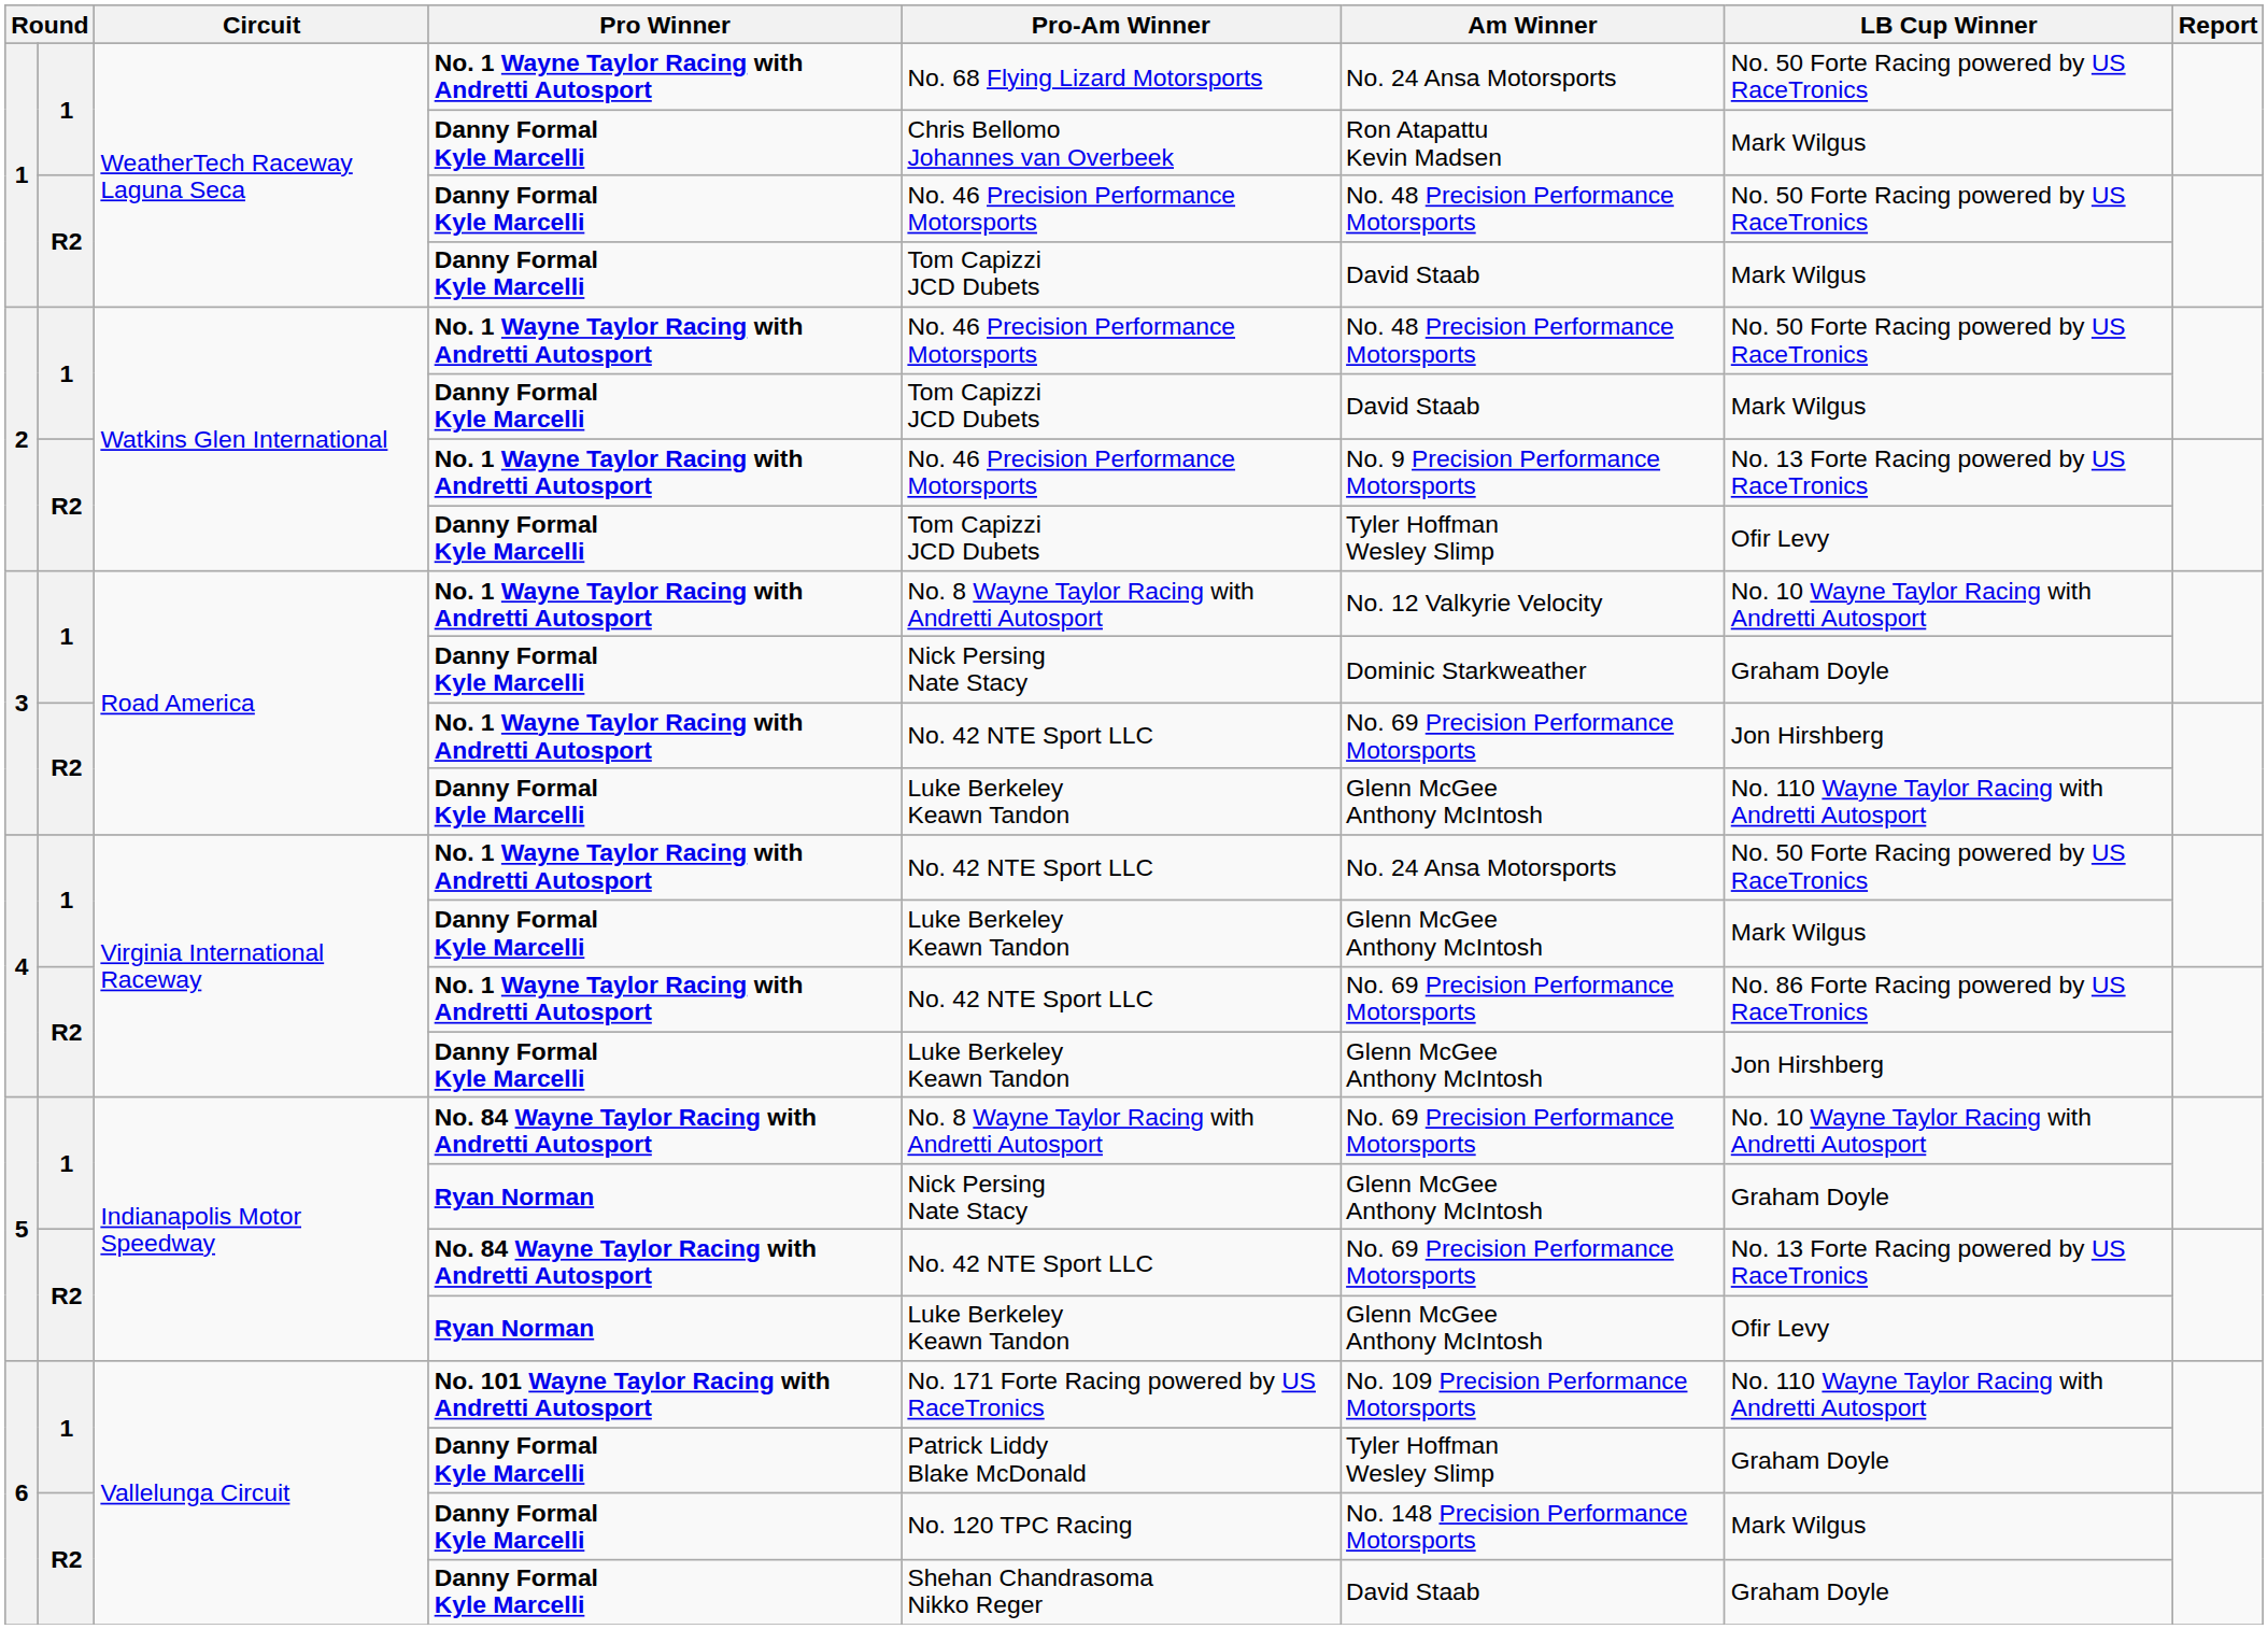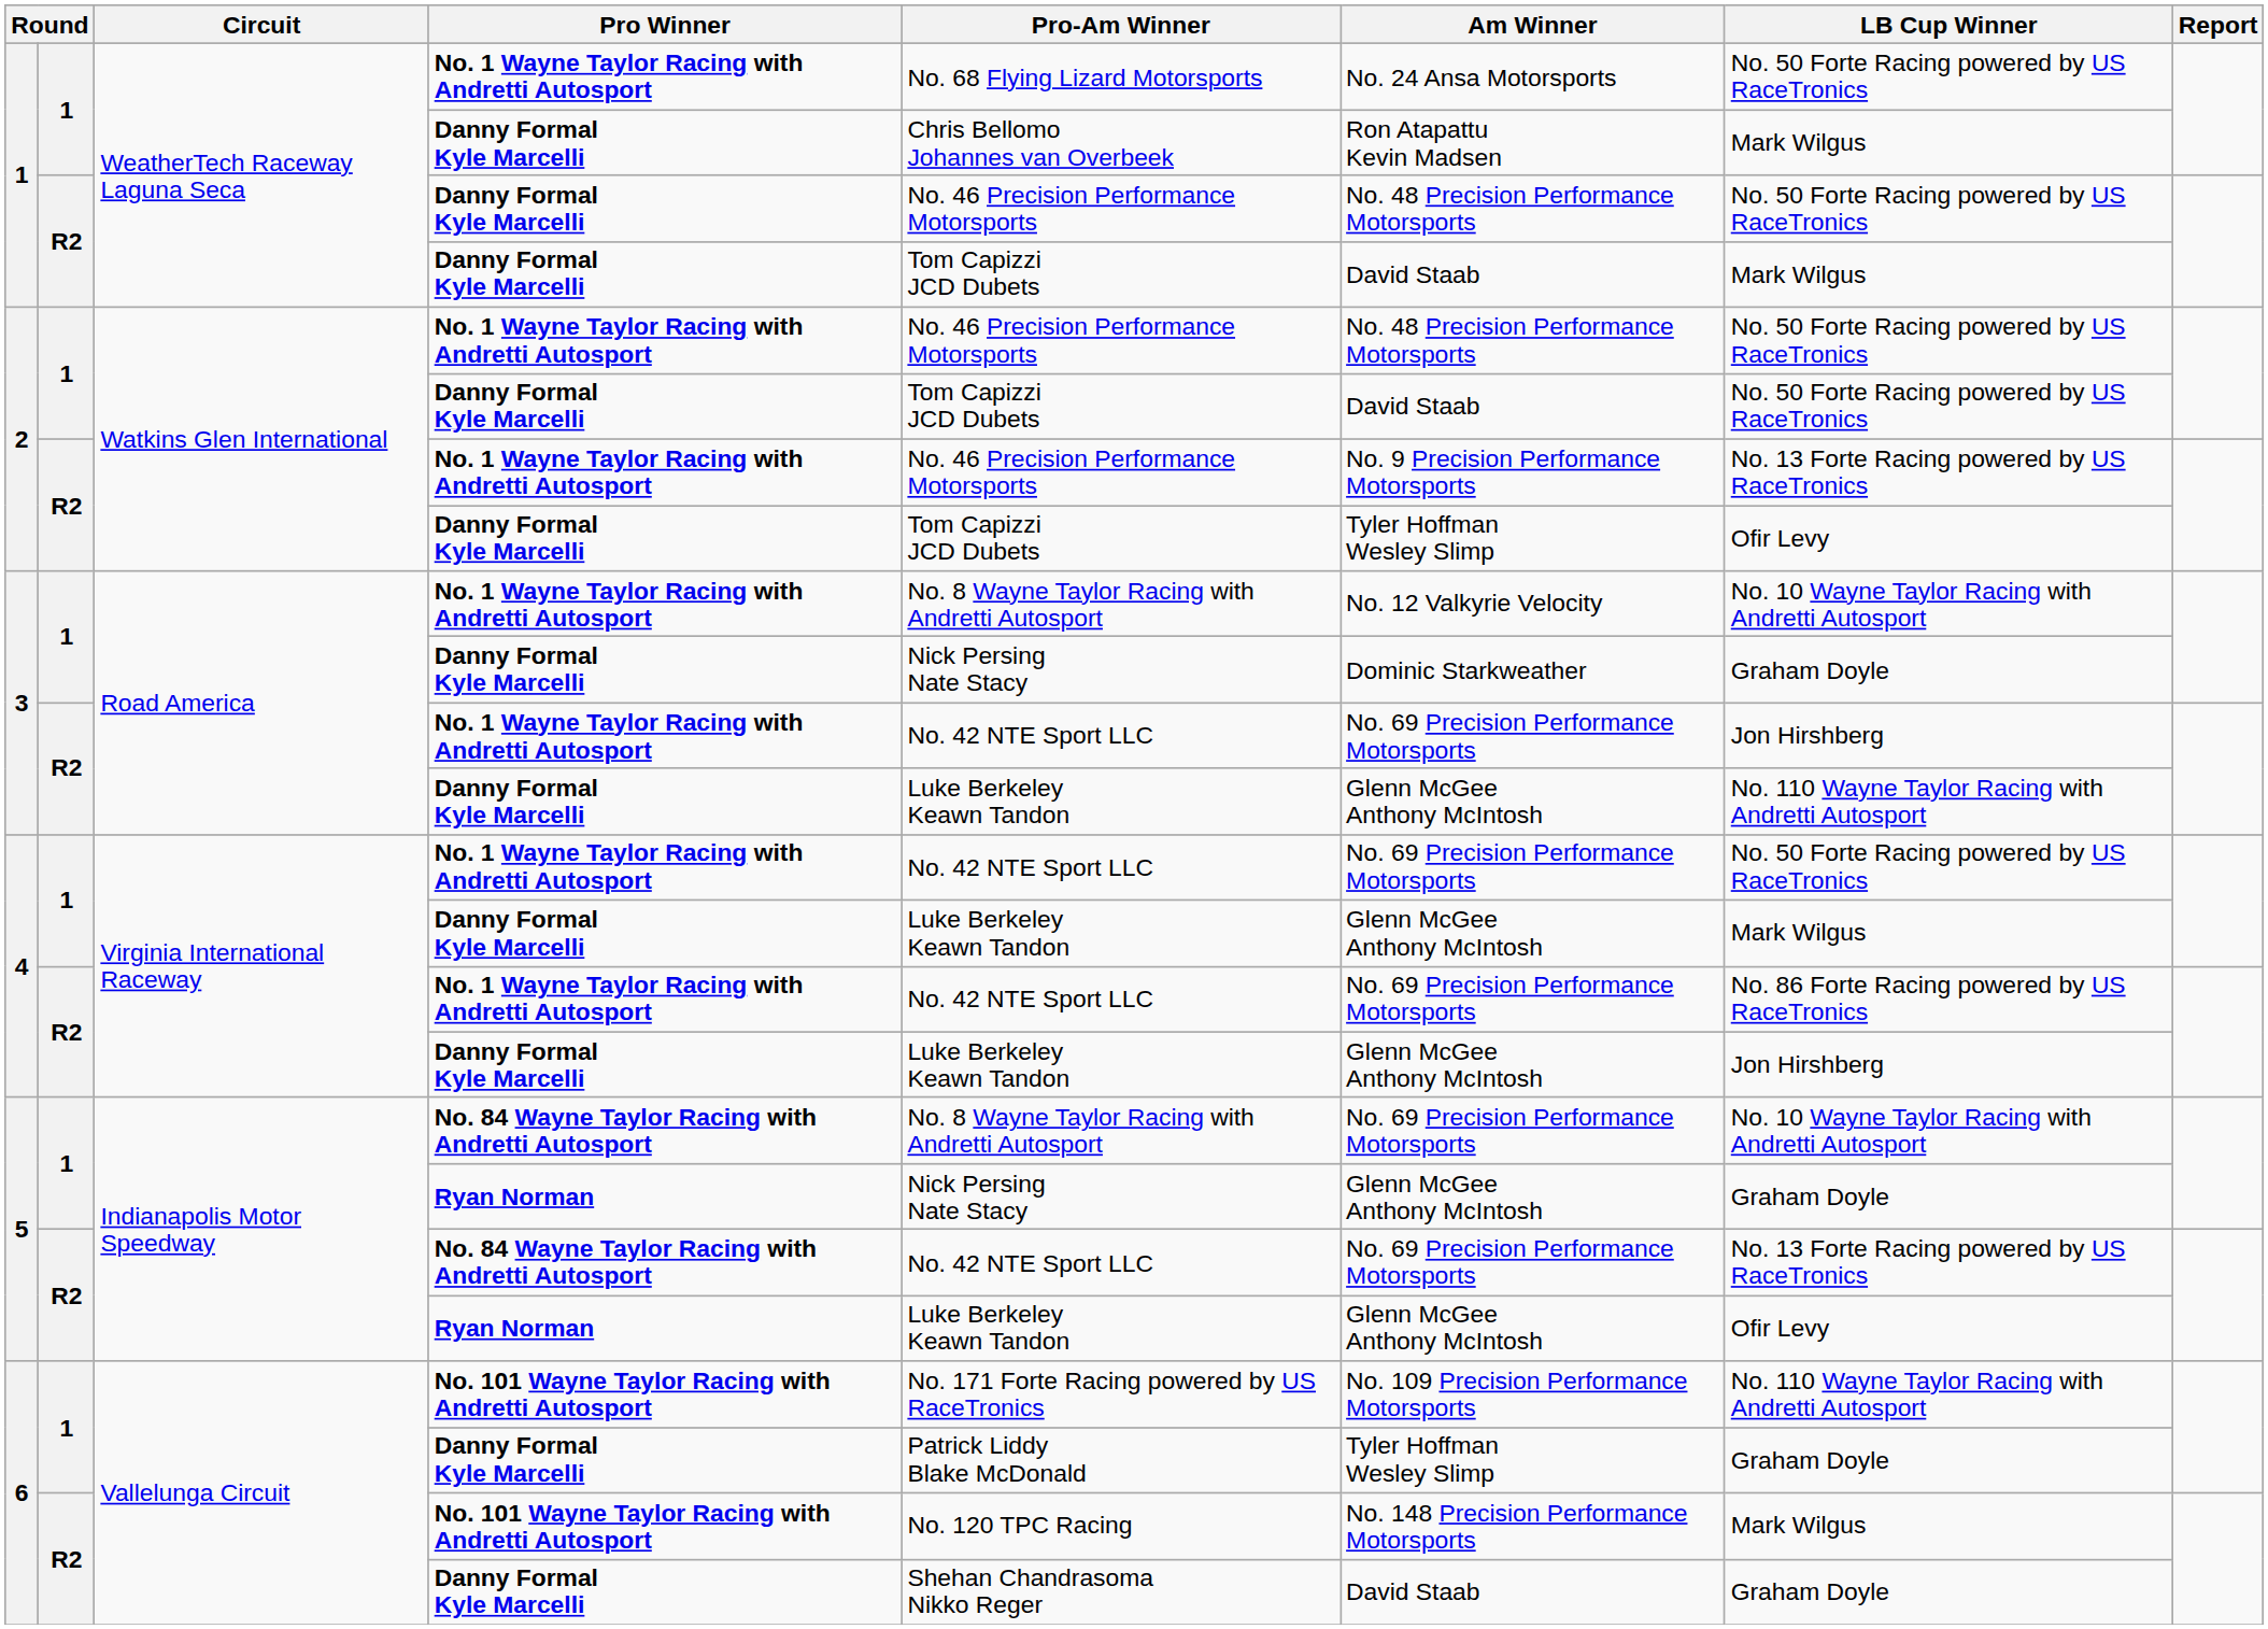 <table class="wikitable" style="font-size:85%;">
 <tr>
 <th colspan=2>Round</th>
 <th>Circuit</th>
 <th>Pro Winner</th>
 <th>Pro-Am Winner</th>
 <th>Am Winner</th>
 <th>LB Cup Winner</th>
 <th>Report</th>
 </tr>
 <tr>
 <th rowspan=4>1</th>
 <th rowspan=2>1</th>
 <td rowspan=4> <a href='#'>WeatherTech Raceway Laguna Seca</a></td>
 <td><strong>No. 1 <a href='#'>Wayne Taylor Racing</a> with <a href='#'>Andretti Autosport</a></strong></td>
 <td>No. 68 <a href='#'>Flying Lizard Motorsports</a></td>
 <td>No. 24 Ansa Motorsports</td>
 <td>No. 50 Forte Racing powered by <a href='#'>US RaceTronics</a></td>
 <td rowspan=2 align=center></td>
 </tr>
 <tr>
 <td><strong> Danny Formal<br> <a href='#'>Kyle Marcelli</a></strong></td>
 <td> Chris Bellomo<br> <a href='#'>Johannes van Overbeek</a></td>
 <td> Ron Atapattu<br> Kevin Madsen</td>
 <td> Mark Wilgus</td>
 </tr>
 <tr>
 <th rowspan=2>R2</th>
 <td><strong> Danny Formal<br> <a href='#'>Kyle Marcelli</a></strong></td>
 <td>No. 46 <a href='#'>Precision Performance Motorsports</a></td>
 <td>No. 48 <a href='#'>Precision Performance Motorsports</a></td>
 <td>No. 50 Forte Racing powered by <a href='#'>US RaceTronics</a></td>
 <td rowspan=2 align=center></td>
 </tr>
 <tr>
 <td><strong> Danny Formal<br> <a href='#'>Kyle Marcelli</a></strong></td>
 <td> Tom Capizzi<br> JCD Dubets</td>
 <td> David Staab</td>
 <td> Mark Wilgus</td>
 </tr>
 <tr>
 <th rowspan=4>2</th>
 <th rowspan=2>1</th>
 <td rowspan=4> <a href='#'>Watkins Glen International</a></td>
 <td><strong>No. 1 <a href='#'>Wayne Taylor Racing</a> with <a href='#'>Andretti Autosport</a></strong></td>
 <td>No. 46 <a href='#'>Precision Performance Motorsports</a></td>
 <td>No. 48 <a href='#'>Precision Performance Motorsports</a></td>
 <td>No. 50 Forte Racing powered by <a href='#'>US RaceTronics</a></td>
 <td rowspan=2 align=center></td>
 </tr>
 <tr>
 <td><strong> Danny Formal<br> <a href='#'>Kyle Marcelli</a></strong></td>
 <td> Tom Capizzi<br> JCD Dubets</td>
 <td> David Staab</td>
-<td> Mark Wilgus</td>
+<td>No. 50 Forte Racing powered by <a href='#'>US RaceTronics</a></td>
 </tr>
 <tr>
 <th rowspan=2>R2</th>
 <td><strong>No. 1 <a href='#'>Wayne Taylor Racing</a> with <a href='#'>Andretti Autosport</a></strong></td>
 <td>No. 46 <a href='#'>Precision Performance Motorsports</a></td>
 <td>No. 9 <a href='#'>Precision Performance Motorsports</a></td>
 <td>No. 13 Forte Racing powered by <a href='#'>US RaceTronics</a></td>
 <td rowspan=2 align=center></td>
 </tr>
 <tr>
 <td><strong> Danny Formal<br> <a href='#'>Kyle Marcelli</a></strong></td>
 <td> Tom Capizzi<br> JCD Dubets</td>
 <td> Tyler Hoffman<br> Wesley Slimp</td>
 <td> Ofir Levy</td>
 </tr>
 <tr>
 <th rowspan=4>3</th>
 <th rowspan=2>1</th>
 <td rowspan=4> <a href='#'>Road America</a></td>
 <td><strong>No. 1 <a href='#'>Wayne Taylor Racing</a> with <a href='#'>Andretti Autosport</a></strong></td>
 <td>No. 8 <a href='#'>Wayne Taylor Racing</a> with <a href='#'>Andretti Autosport</a></td>
 <td>No. 12 Valkyrie Velocity</td>
 <td>No. 10 <a href='#'>Wayne Taylor Racing</a> with <a href='#'>Andretti Autosport</a></td>
 <td rowspan=2 align=center></td>
 </tr>
 <tr>
 <td><strong> Danny Formal<br> <a href='#'>Kyle Marcelli</a></strong></td>
 <td> Nick Persing<br> Nate Stacy</td>
 <td> Dominic Starkweather</td>
 <td> Graham Doyle</td>
 </tr>
 <tr>
 <th rowspan=2>R2</th>
 <td><strong>No. 1 <a href='#'>Wayne Taylor Racing</a> with <a href='#'>Andretti Autosport</a></strong></td>
 <td>No. 42 NTE Sport LLC</td>
 <td>No. 69 <a href='#'>Precision Performance Motorsports</a></td>
 <td> Jon Hirshberg</td>
 <td rowspan=2 align=center></td>
 </tr>
 <tr>
 <td><strong> Danny Formal<br> <a href='#'>Kyle Marcelli</a></strong></td>
 <td> Luke Berkeley<br> Keawn Tandon</td>
 <td> Glenn McGee<br> Anthony McIntosh</td>
 <td>No. 110 <a href='#'>Wayne Taylor Racing</a> with <a href='#'>Andretti Autosport</a></td>
 </tr>
 <tr>
 <th rowspan=4>4</th>
 <th rowspan=2>1</th>
 <td rowspan=4> <a href='#'>Virginia International Raceway</a></td>
 <td><strong>No. 1 <a href='#'>Wayne Taylor Racing</a> with <a href='#'>Andretti Autosport</a></strong></td>
 <td>No. 42 NTE Sport LLC</td>
-<td>No. 24 Ansa Motorsports</td>
+<td>No. 69 <a href='#'>Precision Performance Motorsports</a></td>
 <td>No. 50 Forte Racing powered by <a href='#'>US RaceTronics</a></td>
 <td rowspan=2 align=center></td>
 </tr>
 <tr>
 <td><strong> Danny Formal<br> <a href='#'>Kyle Marcelli</a></strong></td>
 <td> Luke Berkeley<br> Keawn Tandon</td>
 <td> Glenn McGee<br> Anthony McIntosh</td>
 <td> Mark Wilgus</td>
 </tr>
 <tr>
 <th rowspan=2>R2</th>
 <td><strong>No. 1 <a href='#'>Wayne Taylor Racing</a> with <a href='#'>Andretti Autosport</a></strong></td>
 <td>No. 42 NTE Sport LLC</td>
 <td>No. 69 <a href='#'>Precision Performance Motorsports</a></td>
 <td>No. 86 Forte Racing powered by <a href='#'>US RaceTronics</a></td>
 <td rowspan=2 align=center></td>
 </tr>
 <tr>
 <td><strong> Danny Formal<br> <a href='#'>Kyle Marcelli</a></strong></td>
 <td> Luke Berkeley<br> Keawn Tandon</td>
 <td> Glenn McGee<br> Anthony McIntosh</td>
 <td> Jon Hirshberg</td>
 </tr>
 <tr>
 <th rowspan=4>5</th>
 <th rowspan=2>1</th>
 <td rowspan=4> <a href='#'>Indianapolis Motor Speedway</a></td>
 <td><strong>No. 84 <a href='#'>Wayne Taylor Racing</a> with <a href='#'>Andretti Autosport</a></strong></td>
 <td>No. 8 <a href='#'>Wayne Taylor Racing</a> with <a href='#'>Andretti Autosport</a></td>
 <td>No. 69 <a href='#'>Precision Performance Motorsports</a></td>
 <td>No. 10 <a href='#'>Wayne Taylor Racing</a> with <a href='#'>Andretti Autosport</a></td>
 <td rowspan=2 align=center></td>
 </tr>
 <tr>
 <td><strong> <a href='#'>Ryan Norman</a></strong></td>
 <td> Nick Persing<br> Nate Stacy</td>
 <td> Glenn McGee<br> Anthony McIntosh</td>
 <td> Graham Doyle</td>
 </tr>
 <tr>
 <th rowspan=2>R2</th>
 <td><strong>No. 84 <a href='#'>Wayne Taylor Racing</a> with <a href='#'>Andretti Autosport</a></strong></td>
 <td>No. 42 NTE Sport LLC</td>
 <td>No. 69 <a href='#'>Precision Performance Motorsports</a></td>
 <td>No. 13 Forte Racing powered by <a href='#'>US RaceTronics</a></td>
 <td rowspan=2 align=center></td>
 </tr>
 <tr>
 <td><strong> <a href='#'>Ryan Norman</a></strong></td>
 <td> Luke Berkeley<br> Keawn Tandon</td>
 <td> Glenn McGee<br> Anthony McIntosh</td>
 <td> Ofir Levy</td>
 </tr>
 <tr>
 <th rowspan=4>6</th>
 <th rowspan=2>1</th>
 <td rowspan=4> <a href='#'>Vallelunga Circuit</a></td>
 <td><strong>No. 101 <a href='#'>Wayne Taylor Racing</a> with <a href='#'>Andretti Autosport</a></strong></td>
 <td>No. 171 Forte Racing powered by <a href='#'>US RaceTronics</a></td>
 <td>No. 109 <a href='#'>Precision Performance Motorsports</a></td>
 <td>No. 110 <a href='#'>Wayne Taylor Racing</a> with <a href='#'>Andretti Autosport</a></td>
 <td rowspan=2 align=center></td>
 </tr>
 <tr>
 <td><strong> Danny Formal<br> <a href='#'>Kyle Marcelli</a></strong></td>
 <td> Patrick Liddy<br> Blake McDonald</td>
 <td> Tyler Hoffman<br> Wesley Slimp</td>
 <td> Graham Doyle</td>
 </tr>
 <tr>
 <th rowspan=2>R2</th>
-<td><strong> Danny Formal<br> <a href='#'>Kyle Marcelli</a></strong></td>
+<td><strong>No. 101 <a href='#'>Wayne Taylor Racing</a> with <a href='#'>Andretti Autosport</a></strong></td>
 <td>No. 120 TPC Racing</td>
 <td>No. 148 <a href='#'>Precision Performance Motorsports</a></td>
 <td> Mark Wilgus</td>
 <td rowspan=2 align=center></td>
 </tr>
 <tr>
 <td><strong> Danny Formal<br> <a href='#'>Kyle Marcelli</a></strong></td>
 <td> Shehan Chandrasoma<br> Nikko Reger</td>
 <td> David Staab</td>
 <td> Graham Doyle</td>
 </tr>
 </table>
